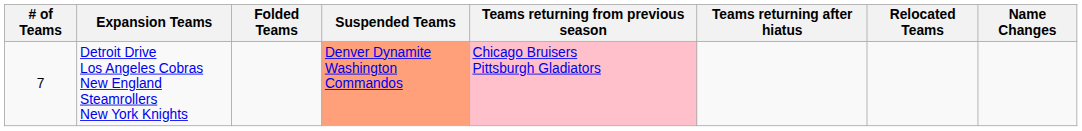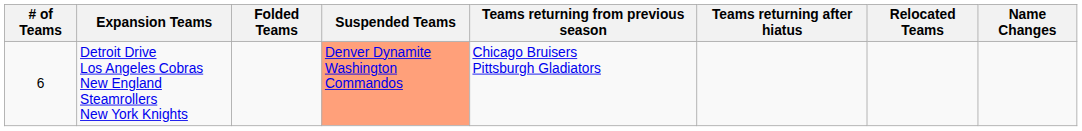 <table class="wikitable">
 <tr>
 <th># of Teams</th>
 <th>Expansion Teams</th>
 <th>Folded Teams</th>
 <th>Suspended Teams</th>
 <th>Teams returning from previous season</th>
 <th>Teams returning after hiatus</th>
 <th>Relocated Teams</th>
 <th>Name Changes</th>
 </tr>
 <tr style="vertical-align:top">
-<td style="text-align:center; vertical-align:middle">7</td>
+<td style="text-align:center; vertical-align:middle">6</td>
 <td><a href='#'>Detroit Drive</a><br><a href='#'>Los Angeles Cobras</a><br><a href='#'>New England Steamrollers</a><br><a href='#'>New York Knights</a></td>
 <td></td>
 <td style="background: lightsalmon;"><a href='#'>Denver Dynamite</a><br><a href='#'>Washington Commandos</a></td>
-<td style="background: pink;"><a href='#'>Chicago Bruisers</a><br><a href='#'>Pittsburgh Gladiators</a></td>
+<td><a href='#'>Chicago Bruisers</a><br><a href='#'>Pittsburgh Gladiators</a></td>
 <td></td>
 <td></td>
 <td></td>
 </tr>
 </table>
